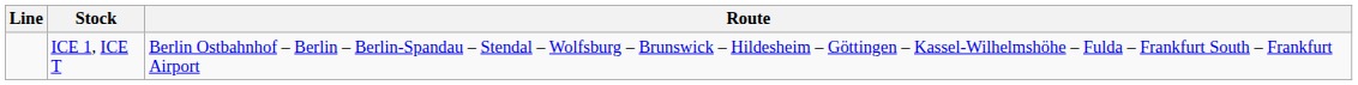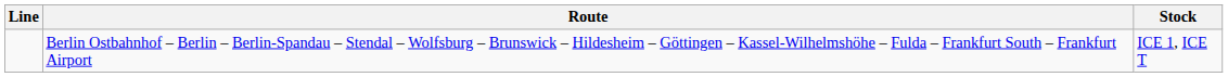 <table class="wikitable">
 <tr class="hintergrundfarbe5">
 <th>Line</th>
+<th>Route</th>
 <th>Stock</th>
-<th>Route</th>
 </tr>
 <tr>
 <td></td>
+<td><a href='#'>Berlin Ostbahnhof</a> – <a href='#'>Berlin</a> – <a href='#'>Berlin-Spandau</a> – <a href='#'>Stendal</a> – <a href='#'>Wolfsburg</a> – <a href='#'>Brunswick</a> – <a href='#'>Hildesheim</a> – <a href='#'>Göttingen</a> – <a href='#'>Kassel-Wilhelmshöhe</a> – <a href='#'>Fulda</a> – <a href='#'>Frankfurt South</a> – <a href='#'>Frankfurt Airport</a></td>
 <td><a href='#'>ICE 1</a>, <a href='#'>ICE T</a></td>
-<td><a href='#'>Berlin Ostbahnhof</a> – <a href='#'>Berlin</a> – <a href='#'>Berlin-Spandau</a> – <a href='#'>Stendal</a> – <a href='#'>Wolfsburg</a> – <a href='#'>Brunswick</a> – <a href='#'>Hildesheim</a> – <a href='#'>Göttingen</a> – <a href='#'>Kassel-Wilhelmshöhe</a> – <a href='#'>Fulda</a> – <a href='#'>Frankfurt South</a> – <a href='#'>Frankfurt Airport</a></td>
 </tr>
 </table>
